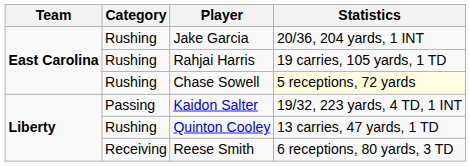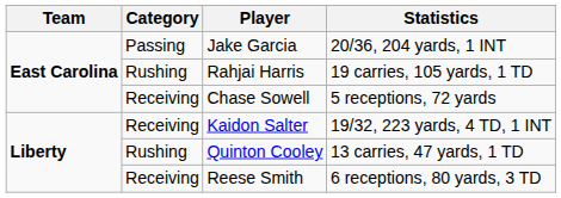 <table class="wikitable" style="float: right;">
 <tr>
 <th>Team</th>
 <th>Category</th>
 <th>Player</th>
 <th>Statistics</th>
 </tr>
 <tr>
 <td rowspan=3><strong>East Carolina</strong></td>
-<td>Rushing</td>
+<td>Passing</td>
 <td>Jake Garcia</td>
 <td>20/36, 204 yards, 1 INT</td>
 </tr>
 <tr>
 <td>Rushing</td>
 <td>Rahjai Harris</td>
 <td>19 carries, 105 yards, 1 TD</td>
 </tr>
 <tr>
-<td>Rushing</td>
+<td>Receiving</td>
 <td>Chase Sowell</td>
-<td style="background: lightyellow;">5 receptions, 72 yards</td>
+<td>5 receptions, 72 yards</td>
 </tr>
 <tr>
 <td rowspan=3><strong>Liberty</strong></td>
-<td>Passing</td>
+<td>Receiving</td>
 <td><a href='#'>Kaidon Salter</a></td>
 <td>19/32, 223 yards, 4 TD, 1 INT</td>
 </tr>
 <tr>
 <td>Rushing</td>
 <td><a href='#'>Quinton Cooley</a></td>
 <td>13 carries, 47 yards, 1 TD</td>
 </tr>
 <tr>
 <td>Receiving</td>
 <td>Reese Smith</td>
 <td>6 receptions, 80 yards, 3 TD</td>
 </tr>
 </table>
